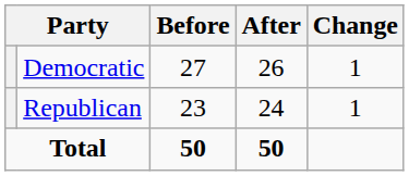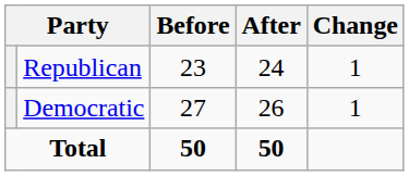 <table class="wikitable" style="text-align:center;">
 <tr>
 <th colspan="2">Party</th>
 <th>Before</th>
 <th>After</th>
 <th>Change</th>
 </tr>
 <tr>
 <th style="background-color:"></th>
-<td style="text-align:left;"><a href='#'>Democratic</a></td>
-<td>27</td>
-<td>26</td>
+<td style="text-align:left;"><a href='#'>Republican</a></td>
+<td>23</td>
+<td>24</td>
 <td> 1</td>
 </tr>
 <tr>
 <th style="background-color:"></th>
-<td style="text-align:left;"><a href='#'>Republican</a></td>
-<td>23</td>
-<td>24</td>
+<td style="text-align:left;"><a href='#'>Democratic</a></td>
+<td>27</td>
+<td>26</td>
 <td> 1</td>
 </tr>
 <tr>
 <td colspan="2"><strong>Total</strong></td>
 <td><strong>50</strong></td>
 <td><strong>50</strong></td>
 <td></td>
 </tr>
 </table>
